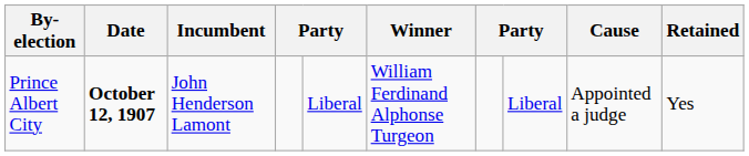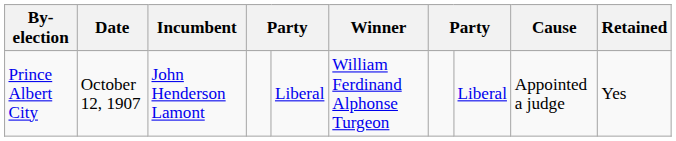 <table class=wikitable style="width:100%">
 <tr>
 <th>By-election</th>
 <th>Date</th>
 <th>Incumbent</th>
 <th colspan=2>Party</th>
 <th>Winner</th>
 <th colspan=2>Party</th>
 <th>Cause</th>
 <th>Retained</th>
 </tr>
 <tr>
 <td><a href='#'>Prince Albert City</a></td>
-<td><strong>October 12, 1907</strong></td>
+<td>October 12, 1907</td>
 <td><a href='#'>John Henderson Lamont</a></td>
 <td>    </td>
 <td><a href='#'>Liberal</a></td>
 <td><a href='#'>William Ferdinand Alphonse Turgeon</a></td>
 <td>    </td>
 <td><a href='#'>Liberal</a></td>
 <td>Appointed a judge</td>
 <td>Yes</td>
 </tr>
 </table>
